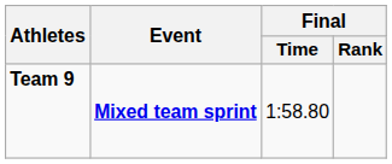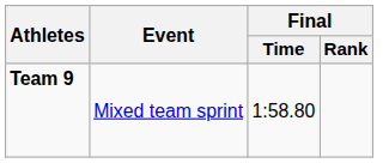 <table class="wikitable" style="font-size:90%">
 <tr>
 <th rowspan="2">Athletes</th>
 <th rowspan="2">Event</th>
 <th colspan="2">Final</th>
 </tr>
 <tr style="font-size:95%">
 <th>Time</th>
 <th>Rank</th>
 </tr>
 <tr align=center>
 <td align=left><strong>Team 9<br><br><br><br></strong></td>
-<td align=left><strong><a href='#'>Mixed team sprint</a></strong></td>
+<td align=left><a href='#'>Mixed team sprint</a></td>
 <td>1:58.80</td>
 <td></td>
 </tr>
 </table>
